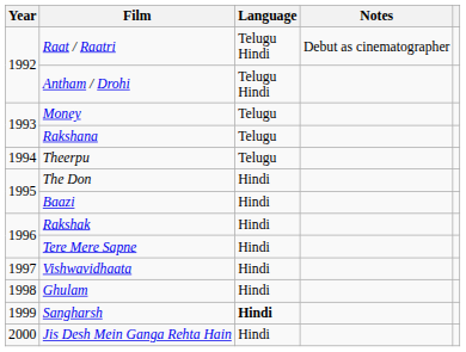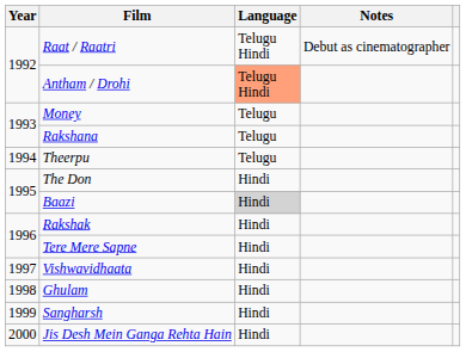 <table class="wikitable sortable">
 <tr>
 <th>Year</th>
 <th>Film</th>
 <th>Language</th>
 <th class="unsortable">Notes</th>
 <th></th>
 </tr>
 <tr>
 <td rowspan="2" style="text-align:center;">1992</td>
 <td><em><a href='#'>Raat</a> / <a href='#'>Raatri</a></em></td>
 <td>Telugu<br>Hindi</td>
 <td>Debut as cinematographer</td>
 <td></td>
 </tr>
 <tr>
 <td><em><a href='#'>Antham</a> / <a href='#'>Drohi</a></em></td>
-<td>Telugu<br>Hindi</td>
+<td style="background: lightsalmon;">Telugu<br>Hindi</td>
 <td></td>
 <td></td>
 </tr>
 <tr>
 <td rowspan="2" style="text-align:center;">1993</td>
 <td><em><a href='#'>Money</a></em></td>
 <td>Telugu</td>
 <td></td>
 <td></td>
 </tr>
 <tr>
 <td><em><a href='#'>Rakshana</a></em></td>
 <td>Telugu</td>
 <td></td>
 <td></td>
 </tr>
 <tr>
 <td style="text-align:center;">1994</td>
 <td><em>Theerpu</em></td>
 <td>Telugu</td>
 <td></td>
 <td></td>
 </tr>
 <tr>
 <td rowspan="2" style="text-align:center;">1995</td>
 <td><em>The Don</em></td>
 <td>Hindi</td>
 <td></td>
 <td></td>
 </tr>
 <tr>
 <td><em><a href='#'>Baazi</a></em></td>
-<td>Hindi</td>
+<td style="background: lightgrey;">Hindi</td>
 <td></td>
 <td></td>
 </tr>
 <tr>
 <td rowspan="2" style="text-align:center;">1996</td>
 <td><em><a href='#'>Rakshak</a></em></td>
 <td>Hindi</td>
 <td></td>
 <td></td>
 </tr>
 <tr>
 <td><em><a href='#'>Tere Mere Sapne</a></em></td>
 <td>Hindi</td>
 <td></td>
 <td></td>
 </tr>
 <tr>
 <td style="text-align:center;">1997</td>
 <td><em><a href='#'>Vishwavidhaata</a></em></td>
 <td>Hindi</td>
 <td></td>
 <td></td>
 </tr>
 <tr>
 <td style="text-align:center;">1998</td>
 <td><em><a href='#'>Ghulam</a></em></td>
 <td>Hindi</td>
 <td></td>
 <td></td>
 </tr>
 <tr>
 <td style="text-align:center;">1999</td>
 <td><em><a href='#'>Sangharsh</a></em></td>
-<td><strong>Hindi</strong></td>
+<td>Hindi</td>
 <td></td>
 <td></td>
 </tr>
 <tr>
 <td style="text-align:center;">2000</td>
 <td><em><a href='#'>Jis Desh Mein Ganga Rehta Hain</a></em></td>
 <td>Hindi</td>
 <td></td>
 <td></td>
 </tr>
 </table>
